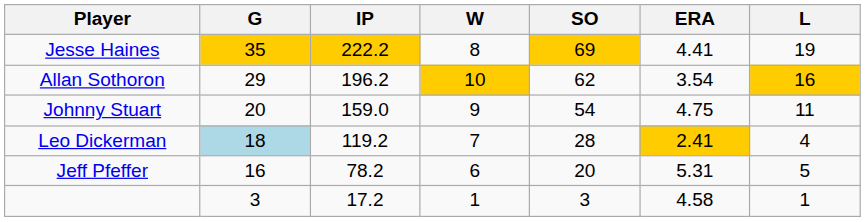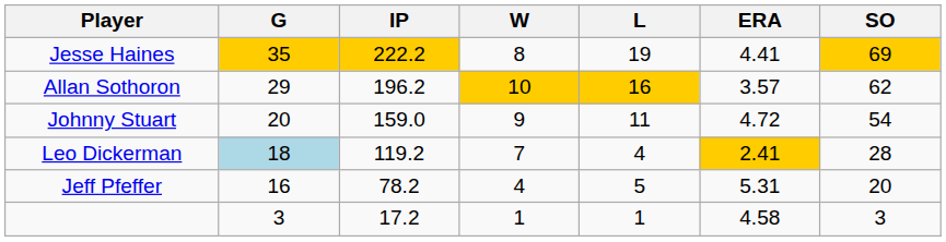 <table class="wikitable sortable">
 <tr>
 <th bgcolor="#DDDDFF" width="16%">Player</th>
 <th bgcolor="#DDDDFF" width="9%">G</th>
 <th bgcolor="#DDDDFF" width="9%">IP</th>
 <th bgcolor="#DDDDFF" width="9%">W</th>
+<th bgcolor="#DDDDFF" width="9%">L</th>
+<th bgcolor="#DDDDFF" width="9%">ERA</th>
 <th bgcolor="#DDDDFF" width="9%">SO</th>
-<th bgcolor="#DDDDFF" width="9%">ERA</th>
-<th bgcolor="#DDDDFF" width="9%">L</th>
 </tr>
 <tr align="center">
 <td><a href='#'>Jesse Haines</a></td>
 <td style="background:#fc0;">35</td>
 <td style="background:#fc0;">222.2</td>
 <td>8</td>
+<td>19</td>
+<td>4.41</td>
 <td style="background:#fc0;">69</td>
-<td>4.41</td>
-<td>19</td>
 </tr>
 <tr align=center>
 <td><a href='#'>Allan Sothoron</a></td>
 <td>29</td>
 <td>196.2</td>
 <td style="background:#fc0;">10</td>
+<td style="background:#fc0;">16</td>
+<td>3.57</td>
 <td>62</td>
-<td>3.54</td>
-<td style="background:#fc0;">16</td>
 </tr>
 <tr align=center>
 <td><a href='#'>Johnny Stuart</a></td>
 <td>20</td>
 <td>159.0</td>
 <td>9</td>
+<td>11</td>
+<td>4.72</td>
 <td>54</td>
-<td>4.75</td>
-<td>11</td>
 </tr>
 <tr align=center>
 <td><a href='#'>Leo Dickerman</a></td>
 <td style="background: lightblue;">18</td>
 <td>119.2</td>
 <td>7</td>
+<td>4</td>
+<td style="background:#fc0;">2.41</td>
 <td>28</td>
-<td style="background:#fc0;">2.41</td>
-<td>4</td>
 </tr>
 <tr align=center>
 <td><a href='#'>Jeff Pfeffer</a></td>
 <td>16</td>
 <td>78.2</td>
-<td>6</td>
+<td>4</td>
+<td>5</td>
+<td>5.31</td>
 <td>20</td>
-<td>5.31</td>
-<td>5</td>
 </tr>
 <tr align=center>
 <td></td>
 <td>3</td>
 <td>17.2</td>
 <td>1</td>
+<td>1</td>
+<td>4.58</td>
 <td>3</td>
-<td>4.58</td>
-<td>1</td>
 </tr>
 </table>
